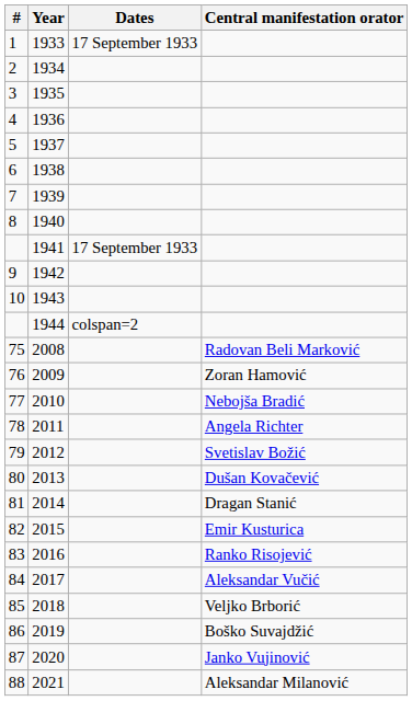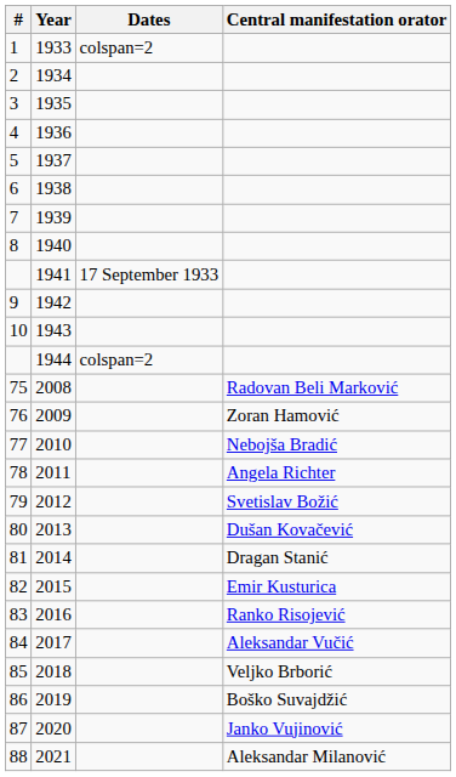 <table class="wikitable sortable">
 <tr>
 <th>#</th>
 <th>Year</th>
 <th>Dates</th>
 <th>Central manifestation orator</th>
 </tr>
 <tr>
 <td>1</td>
 <td>1933</td>
-<td>17 September 1933</td>
+<td>colspan=2 </td>
 <td></td>
 </tr>
 <tr>
 <td>2</td>
 <td>1934</td>
 <td></td>
 <td></td>
 </tr>
 <tr>
 <td>3</td>
 <td>1935</td>
 <td></td>
 <td></td>
 </tr>
 <tr>
 <td>4</td>
 <td>1936</td>
 <td></td>
 <td></td>
 </tr>
 <tr>
 <td>5</td>
 <td>1937</td>
 <td></td>
 <td></td>
 </tr>
 <tr>
 <td>6</td>
 <td>1938</td>
 <td></td>
 <td></td>
 </tr>
 <tr>
 <td>7</td>
 <td>1939</td>
 <td></td>
 <td></td>
 </tr>
 <tr>
 <td>8</td>
 <td>1940</td>
 <td></td>
 <td></td>
 </tr>
 <tr>
 <td></td>
 <td>1941</td>
 <td>17 September 1933</td>
 </tr>
 <tr>
 <td>9</td>
 <td>1942</td>
 <td></td>
 <td></td>
 </tr>
 <tr>
 <td>10</td>
 <td>1943</td>
 <td></td>
 <td></td>
 </tr>
 <tr>
 <td></td>
 <td>1944</td>
 <td>colspan=2 </td>
 </tr>
 <tr>
 <td>75</td>
 <td>2008</td>
 <td></td>
 <td><a href='#'>Radovan Beli Marković</a></td>
 </tr>
 <tr>
 <td>76</td>
 <td>2009</td>
 <td></td>
 <td>Zoran Hamović</td>
 </tr>
 <tr>
 <td>77</td>
 <td>2010</td>
 <td></td>
 <td><a href='#'>Nebojša Bradić</a></td>
 </tr>
 <tr>
 <td>78</td>
 <td>2011</td>
 <td></td>
 <td><a href='#'>Angela Richter</a></td>
 </tr>
 <tr>
 <td>79</td>
 <td>2012</td>
 <td></td>
 <td><a href='#'>Svetislav Božić</a></td>
 </tr>
 <tr>
 <td>80</td>
 <td>2013</td>
 <td></td>
 <td><a href='#'>Dušan Kovačević</a></td>
 </tr>
 <tr>
 <td>81</td>
 <td>2014</td>
 <td></td>
 <td>Dragan Stanić</td>
 </tr>
 <tr>
 <td>82</td>
 <td>2015</td>
 <td></td>
 <td><a href='#'>Emir Kusturica</a></td>
 </tr>
 <tr>
 <td>83</td>
 <td>2016</td>
 <td></td>
 <td><a href='#'>Ranko Risojević</a></td>
 </tr>
 <tr>
 <td>84</td>
 <td>2017</td>
 <td></td>
 <td><a href='#'>Aleksandar Vučić</a></td>
 </tr>
 <tr>
 <td>85</td>
 <td>2018</td>
 <td></td>
 <td>Veljko Brborić</td>
 </tr>
 <tr>
 <td>86</td>
 <td>2019</td>
 <td></td>
 <td>Boško Suvajdžić</td>
 </tr>
 <tr>
 <td>87</td>
 <td>2020</td>
 <td></td>
 <td><a href='#'>Janko Vujinović</a></td>
 </tr>
 <tr>
 <td>88</td>
 <td>2021</td>
 <td></td>
 <td>Aleksandar Milanović</td>
 </tr>
 </table>
